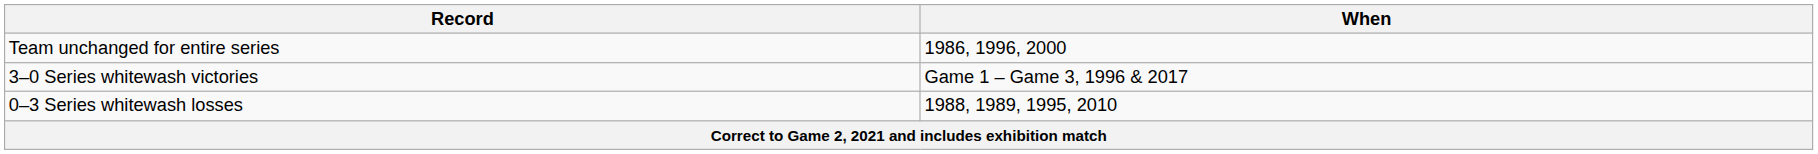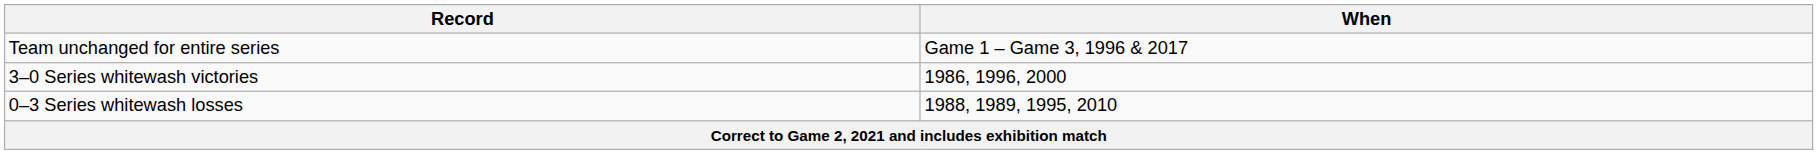 <table class="wikitable" width=80%>
 <tr>
 <th>Record</th>
 <th>When</th>
 </tr>
 <tr>
 <td>Team unchanged for entire series</td>
-<td>1986, 1996, 2000</td>
+<td>Game 1 – Game 3, 1996 & 2017</td>
 </tr>
 <tr>
 <td>3–0 Series whitewash victories</td>
-<td>Game 1 – Game 3, 1996 & 2017</td>
+<td>1986, 1996, 2000</td>
 </tr>
 <tr>
 <td>0–3 Series whitewash losses</td>
 <td>1988, 1989, 1995, 2010</td>
 </tr>
 <tr>
 <th colspan="4"><small>Correct to Game 2, 2021 and includes exhibition match</small></th>
 </tr>
 </table>
